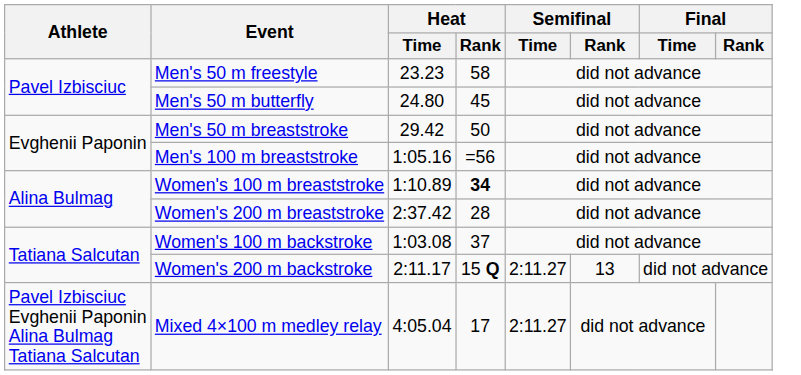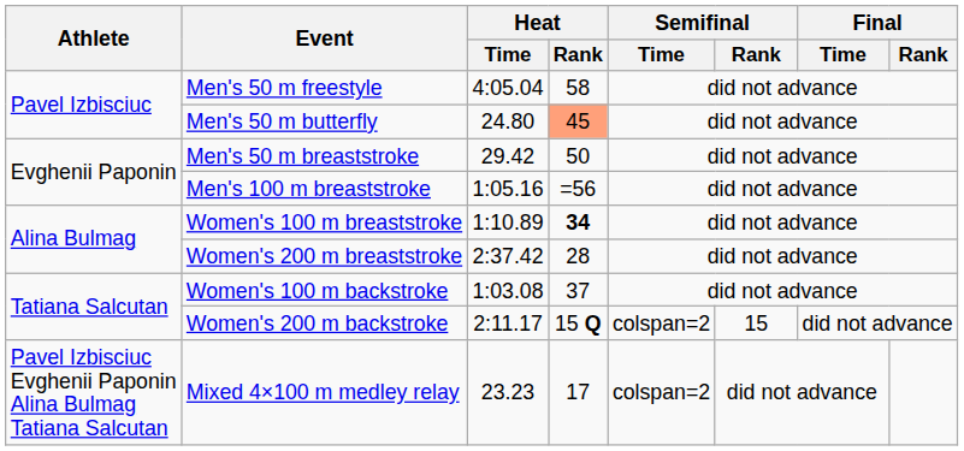 <table class=wikitable style="font-size:90%">
 <tr>
 <th rowspan="2">Athlete</th>
 <th rowspan="2">Event</th>
 <th colspan="2">Heat</th>
 <th colspan="2">Semifinal</th>
 <th colspan="2">Final</th>
 </tr>
 <tr style="font-size:95%">
 <th>Time</th>
 <th>Rank</th>
 <th>Time</th>
 <th>Rank</th>
 <th>Time</th>
 <th>Rank</th>
 </tr>
 <tr align=center>
 <td align=left rowspan=2><a href='#'>Pavel Izbisciuc</a></td>
 <td align=left><a href='#'>Men's 50 m freestyle</a></td>
-<td>23.23</td>
+<td>4:05.04</td>
 <td>58</td>
 <td colspan=4>did not advance</td>
 </tr>
 <tr align=center>
 <td align=left><a href='#'>Men's 50 m butterfly</a></td>
 <td>24.80</td>
-<td>45</td>
+<td style="background: lightsalmon;">45</td>
 <td colspan=4>did not advance</td>
 </tr>
 <tr align=center>
 <td align=left rowspan=2>Evghenii Paponin</td>
 <td align=left><a href='#'>Men's 50 m breaststroke</a></td>
 <td>29.42</td>
 <td>50</td>
 <td colspan=4>did not advance</td>
 </tr>
 <tr align=center>
 <td align=left><a href='#'>Men's 100 m breaststroke</a></td>
 <td>1:05.16</td>
 <td>=56</td>
 <td colspan=4>did not advance</td>
 </tr>
 <tr align=center>
 <td align=left rowspan=2><a href='#'>Alina Bulmag</a></td>
 <td align=left><a href='#'>Women's 100 m breaststroke</a></td>
 <td>1:10.89</td>
 <td><strong>34</strong></td>
 <td colspan=4>did not advance</td>
 </tr>
 <tr align=center>
 <td align=left><a href='#'>Women's 200 m breaststroke</a></td>
 <td>2:37.42</td>
 <td>28</td>
 <td colspan=4>did not advance</td>
 </tr>
 <tr align=center>
 <td align=left rowspan=2><a href='#'>Tatiana Salcutan</a></td>
 <td align=left><a href='#'>Women's 100 m backstroke</a></td>
 <td>1:03.08</td>
 <td>37</td>
 <td colspan=4>did not advance</td>
 </tr>
 <tr align=center>
 <td align=left><a href='#'>Women's 200 m backstroke</a></td>
 <td>2:11.17</td>
 <td>15 <strong>Q</strong></td>
-<td>2:11.27</td>
-<td>13</td>
+<td>colspan=2 </td>
+<td>15</td>
 <td colspan=2>did not advance</td>
 </tr>
 <tr align=center>
 <td align=left><a href='#'>Pavel Izbisciuc</a><br>Evghenii Paponin<br><a href='#'>Alina Bulmag</a><br><a href='#'>Tatiana Salcutan</a></td>
 <td align=left><a href='#'>Mixed 4×100 m medley relay</a></td>
-<td>4:05.04</td>
+<td>23.23</td>
 <td>17</td>
-<td>2:11.27</td>
+<td>colspan=2 </td>
 <td colspan=2>did not advance</td>
 </tr>
 </table>
